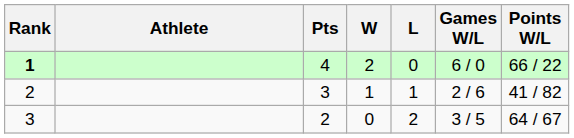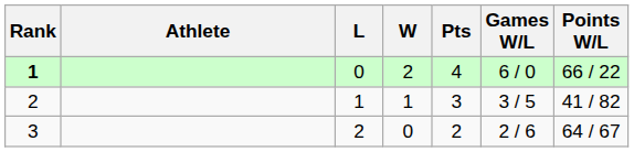 <table class="wikitable" style="text-align: center; font-size:90% ">
 <tr>
 <th width="20">Rank</th>
 <th width="200">Athlete</th>
+<th width="30">L</th>
+<th width="30">W</th>
 <th width="30">Pts</th>
-<th width="30">W</th>
-<th width="30">L</th>
 <th width="40">Games<br>W/L</th>
 <th width="50">Points<br>W/L</th>
 </tr>
 <tr bgcolor=#ccffcc>
 <td><strong>1</strong></td>
 <td align=left></td>
+<td>0</td>
+<td>2</td>
 <td>4</td>
-<td>2</td>
-<td>0</td>
 <td>6 / 0</td>
 <td>66 / 22</td>
 </tr>
 <tr>
 <td>2</td>
 <td align=left></td>
-<td>3</td>
 <td>1</td>
 <td>1</td>
-<td>2 / 6</td>
+<td>3</td>
+<td>3 / 5</td>
 <td>41 / 82</td>
 </tr>
 <tr>
 <td>3</td>
 <td align=left></td>
 <td>2</td>
 <td>0</td>
 <td>2</td>
-<td>3 / 5</td>
+<td>2 / 6</td>
 <td>64 / 67</td>
 </tr>
 </table>
